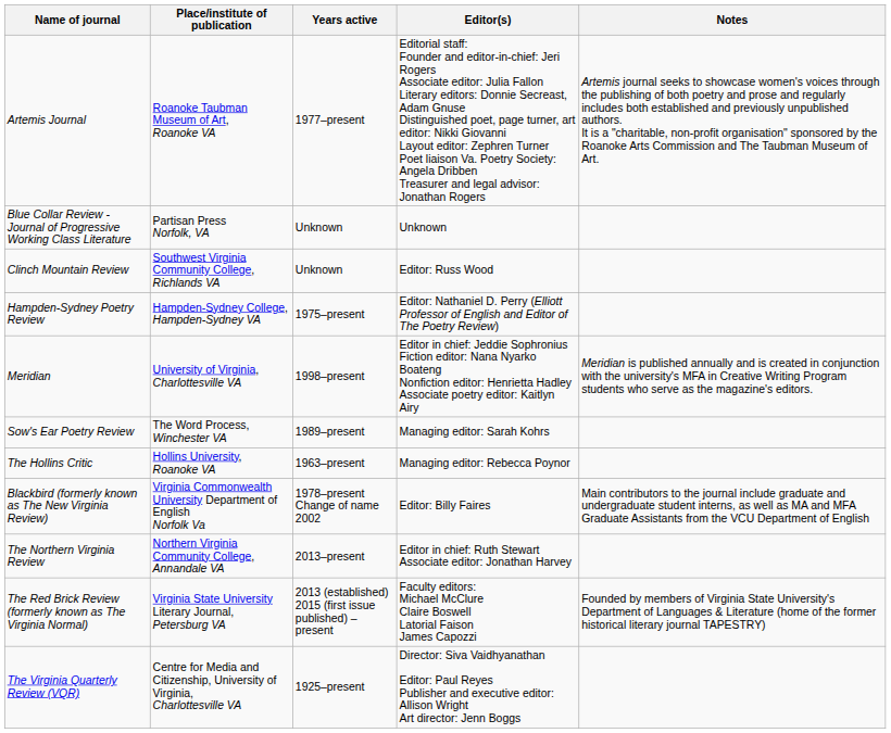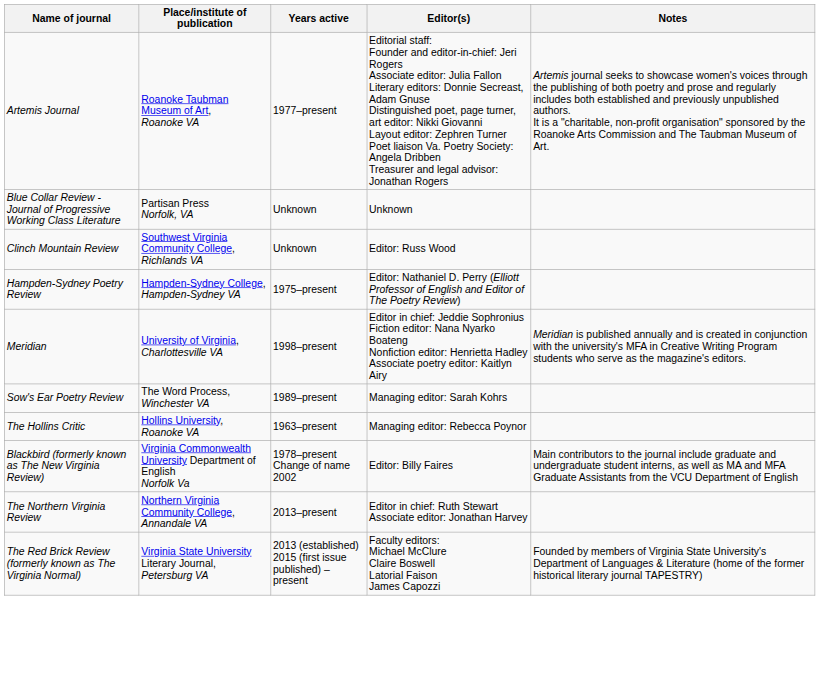 <table class="wikitable">
 <tr>
 <th>Name of journal</th>
 <th>Place/institute of publication</th>
 <th>Years active</th>
 <th>Editor(s)</th>
 <th>Notes</th>
 </tr>
 <tr>
 <td><em>Artemis Journal</em></td>
 <td><a href='#'>Roanoke Taubman Museum of Art</a>,<br><em>Roanoke VA</em></td>
 <td>1977–present</td>
 <td>Editorial staff:<br>Founder and editor-in-chief: Jeri Rogers<br>Associate editor: Julia Fallon<br>Literary editors: Donnie Secreast, Adam Gnuse<br>Distinguished poet, page turner, art editor: Nikki Giovanni<br>Layout editor: Zephren Turner<br>Poet liaison Va. Poetry Society: Angela Dribben<br>Treasurer and legal advisor: Jonathan Rogers</td>
 <td><em>Artemis</em> journal seeks to showcase women's voices through the publishing of both poetry and prose and regularly includes both established and previously unpublished authors.<br>It is a "charitable, non-profit organisation" sponsored by the Roanoke Arts Commission and The Taubman Museum of Art.</td>
 </tr>
 <tr>
 <td><em>Blue Collar Review - Journal of Progressive Working Class Literature</em></td>
 <td>Partisan Press<br><em>Norfolk, VA</em></td>
 <td>Unknown</td>
 <td>Unknown</td>
 <td></td>
 </tr>
 <tr>
 <td><em>Clinch Mountain Review</em></td>
 <td><a href='#'>Southwest Virginia Community College</a>,<br><em>Richlands VA</em></td>
 <td>Unknown</td>
 <td>Editor: Russ Wood</td>
 <td></td>
 </tr>
 <tr>
 <td><em>Hampden-Sydney Poetry Review</em></td>
 <td><a href='#'>Hampden-Sydney College</a>,<br><em>Hampden-Sydney VA</em></td>
 <td>1975–present</td>
 <td>Editor: Nathaniel D. Perry (<em>Elliott Professor of English and Editor of The Poetry Review</em>)</td>
 <td></td>
 </tr>
 <tr>
 <td><em>Meridian</em></td>
 <td><a href='#'>University of Virginia</a>,<br><em>Charlottesville VA</em></td>
 <td>1998–present</td>
 <td>Editor in chief: Jeddie Sophronius<br>Fiction editor: Nana Nyarko Boateng<br>Nonfiction editor: Henrietta Hadley<br>Associate poetry editor: Kaitlyn Airy</td>
 <td><em>Meridian</em> is published annually and is created in conjunction with the university's MFA in Creative Writing Program students who serve as the magazine's editors.</td>
 </tr>
 <tr>
 <td><em>Sow's Ear Poetry Review</em></td>
 <td>The Word Process,<br><em>Winchester VA</em></td>
 <td>1989–present</td>
 <td>Managing editor: Sarah Kohrs</td>
 <td></td>
 </tr>
 <tr>
 <td><em>The Hollins Critic</em></td>
 <td><a href='#'>Hollins University</a>,<br><em>Roanoke VA</em></td>
 <td>1963–present</td>
 <td>Managing editor: Rebecca Poynor</td>
 <td></td>
 </tr>
 <tr>
 <td><em>Blackbird (formerly known as The New Virginia Review)</em></td>
 <td><a href='#'>Virginia Commonwealth University</a> Department of English<br><em>Norfolk Va</em></td>
 <td>1978–present<br>Change of name 2002</td>
 <td>Editor: Billy Faires</td>
 <td>Main contributors to the journal include graduate and undergraduate student interns, as well as MA and MFA Graduate Assistants from the VCU Department of English</td>
 </tr>
 <tr>
 <td><em>The Northern Virginia Review</em></td>
 <td><a href='#'>Northern Virginia Community College</a>,<br><em>Annandale VA</em></td>
 <td>2013–present</td>
 <td>Editor in chief: Ruth Stewart<br>Associate editor: Jonathan Harvey</td>
 <td></td>
 </tr>
 <tr>
 <td><em>The Red Brick Review (formerly known as The Virginia Normal)</em></td>
 <td><a href='#'>Virginia State University</a> Literary Journal,<br><em>Petersburg VA</em></td>
 <td>2013 (established)<br>2015 (first issue published) – present</td>
 <td>Faculty editors:<br>Michael McClure<br>Claire Boswell<br>Latorial Faison<br>James Capozzi</td>
 <td>Founded by members of Virginia State University's Department of Languages & Literature (home of the former historical literary journal TAPESTRY)</td>
 </tr>
-<tr>
-<td><em><a href='#'>The Virginia Quarterly Review (VQR)</a></em></td>
-<td>Centre for Media and Citizenship, University of Virginia,<br><em>Charlottesville VA</em></td>
-<td>1925–present</td>
-<td>Director: Siva Vaidhyanathan<br><br>Editor: Paul Reyes<br> Publisher and executive editor: Allison Wright<br> Art director: Jenn Boggs</td>
-<td></td>
-</tr>
 </table>
